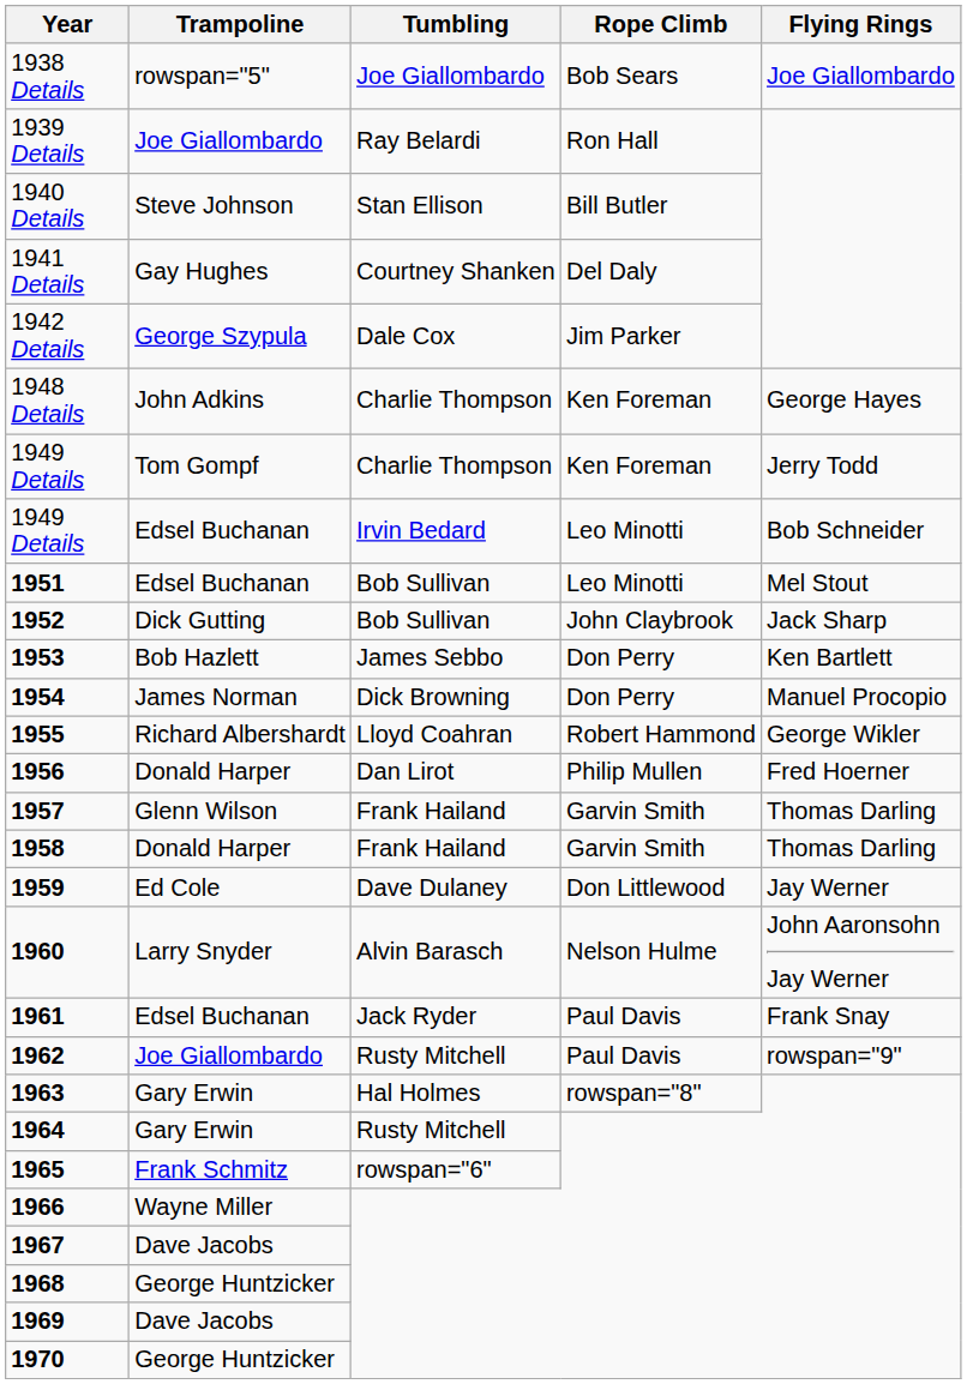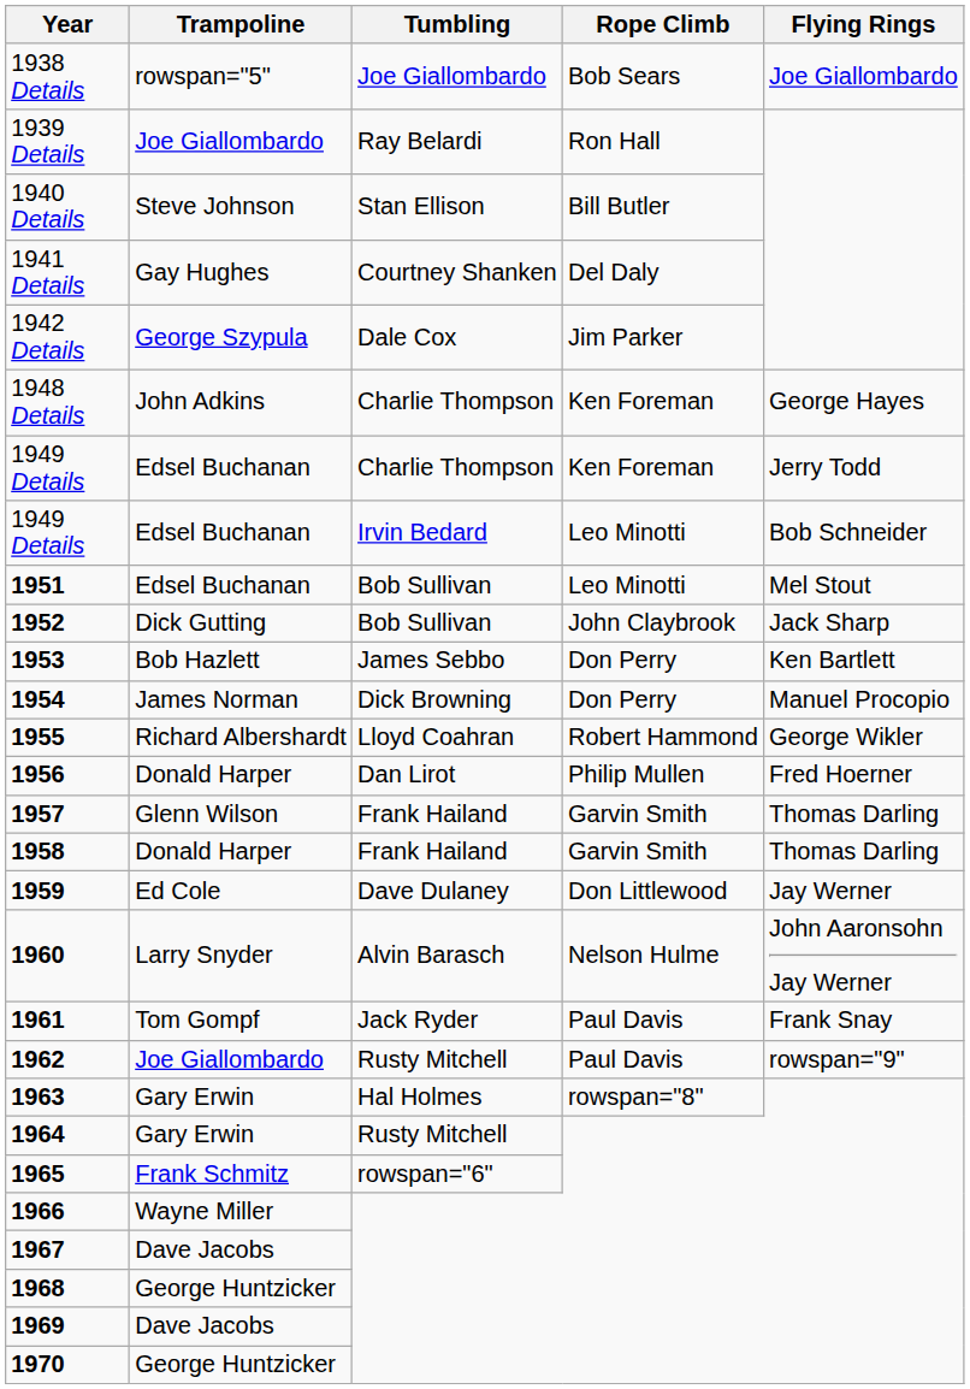 <table class="wikitable">
 <tr>
 <th style="width:75px;">Year</th>
 <th>Trampoline</th>
 <th>Tumbling</th>
 <th>Rope Climb</th>
 <th>Flying Rings</th>
 </tr>
 <tr>
 <td>1938<br><em><a href='#'>Details</a></em></td>
 <td>rowspan="5" </td>
 <td><a href='#'>Joe Giallombardo</a> </td>
 <td>Bob Sears </td>
 <td><a href='#'>Joe Giallombardo</a> </td>
 </tr>
 <tr>
 <td>1939<br><em><a href='#'>Details</a></em></td>
 <td><a href='#'>Joe Giallombardo</a> </td>
 <td>Ray Belardi </td>
 <td>Ron Hall </td>
 </tr>
 <tr>
 <td>1940<br><em><a href='#'>Details</a></em></td>
 <td>Steve Johnson </td>
 <td>Stan Ellison </td>
 <td>Bill Butler </td>
 </tr>
 <tr>
 <td>1941<br><em><a href='#'>Details</a></em></td>
 <td>Gay Hughes </td>
 <td>Courtney Shanken </td>
 <td>Del Daly </td>
 </tr>
 <tr>
 <td>1942<br><em><a href='#'>Details</a></em></td>
 <td><a href='#'>George Szypula</a> </td>
 <td>Dale Cox </td>
 <td>Jim Parker </td>
 </tr>
 <tr>
 <td>1948<br><em><a href='#'>Details</a></em></td>
 <td>John Adkins </td>
 <td>Charlie Thompson </td>
 <td>Ken Foreman </td>
 <td>George Hayes </td>
 </tr>
 <tr>
 <td>1949<br><em><a href='#'>Details</a></em></td>
-<td>Tom Gompf </td>
+<td>Edsel Buchanan </td>
 <td>Charlie Thompson </td>
 <td>Ken Foreman </td>
 <td>Jerry Todd </td>
 </tr>
 <tr>
 <td>1949<br><em><a href='#'>Details</a></em></td>
 <td>Edsel Buchanan </td>
 <td><a href='#'>Irvin Bedard</a> </td>
 <td>Leo Minotti </td>
 <td>Bob Schneider </td>
 </tr>
 <tr>
 <td><strong>1951</strong></td>
 <td>Edsel Buchanan </td>
 <td>Bob Sullivan </td>
 <td>Leo Minotti </td>
 <td>Mel Stout </td>
 </tr>
 <tr>
 <td><strong>1952</strong></td>
 <td>Dick Gutting </td>
 <td>Bob Sullivan </td>
 <td>John Claybrook </td>
 <td>Jack Sharp </td>
 </tr>
 <tr>
 <td><strong>1953</strong></td>
 <td>Bob Hazlett </td>
 <td>James Sebbo </td>
 <td>Don Perry </td>
 <td>Ken Bartlett </td>
 </tr>
 <tr>
 <td><strong>1954</strong></td>
 <td>James Norman </td>
 <td>Dick Browning </td>
 <td>Don Perry </td>
 <td>Manuel Procopio </td>
 </tr>
 <tr>
 <td><strong>1955</strong></td>
 <td>Richard Albershardt </td>
 <td>Lloyd Coahran </td>
 <td>Robert Hammond </td>
 <td>George Wikler </td>
 </tr>
 <tr>
 <td><strong>1956</strong></td>
 <td>Donald Harper </td>
 <td>Dan Lirot </td>
 <td>Philip Mullen </td>
 <td>Fred Hoerner </td>
 </tr>
 <tr>
 <td><strong>1957</strong></td>
 <td>Glenn Wilson </td>
 <td>Frank Hailand </td>
 <td>Garvin Smith </td>
 <td>Thomas Darling </td>
 </tr>
 <tr>
 <td><strong>1958</strong></td>
 <td>Donald Harper </td>
 <td>Frank Hailand </td>
 <td>Garvin Smith </td>
 <td>Thomas Darling </td>
 </tr>
 <tr>
 <td><strong>1959</strong></td>
 <td>Ed Cole </td>
 <td>Dave Dulaney </td>
 <td>Don Littlewood </td>
 <td>Jay Werner </td>
 </tr>
 <tr>
 <td><strong>1960</strong></td>
 <td>Larry Snyder </td>
 <td>Alvin Barasch </td>
 <td>Nelson Hulme </td>
 <td>John Aaronsohn <hr>Jay Werner </td>
 </tr>
 <tr>
 <td><strong>1961</strong></td>
-<td>Edsel Buchanan </td>
+<td>Tom Gompf </td>
 <td>Jack Ryder </td>
 <td>Paul Davis </td>
 <td>Frank Snay </td>
 </tr>
 <tr>
 <td><strong>1962</strong></td>
 <td><a href='#'>Joe Giallombardo</a> </td>
 <td>Rusty Mitchell </td>
 <td>Paul Davis </td>
 <td>rowspan="9" </td>
 </tr>
 <tr>
 <td><strong>1963</strong></td>
 <td>Gary Erwin </td>
 <td>Hal Holmes </td>
 <td>rowspan="8" </td>
 </tr>
 <tr>
 <td><strong>1964</strong></td>
 <td>Gary Erwin </td>
 <td>Rusty Mitchell </td>
 </tr>
 <tr>
 <td><strong>1965</strong></td>
 <td><a href='#'>Frank Schmitz</a> </td>
 <td>rowspan="6" </td>
 </tr>
 <tr>
 <td><strong>1966</strong></td>
 <td>Wayne Miller </td>
 </tr>
 <tr>
 <td><strong>1967</strong></td>
 <td>Dave Jacobs </td>
 </tr>
 <tr>
 <td><strong>1968</strong></td>
 <td>George Huntzicker </td>
 </tr>
 <tr>
 <td><strong>1969</strong></td>
 <td>Dave Jacobs </td>
 </tr>
 <tr>
 <td><strong>1970</strong></td>
 <td>George Huntzicker </td>
 </tr>
 </table>
